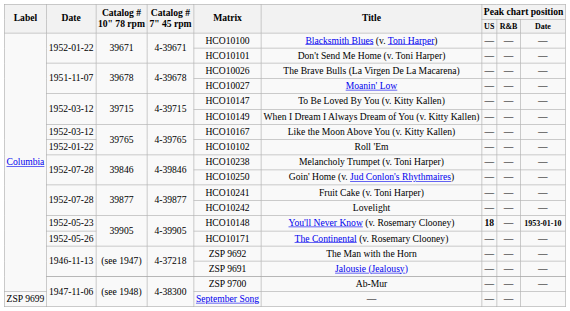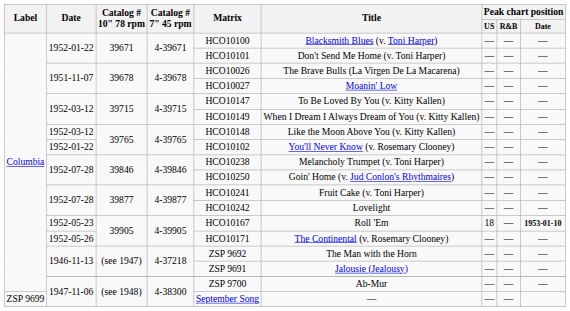 <table class="wikitable sortable" style="text-align:center;">
 <tr>
 <th rowspan="2">Label</th>
 <th rowspan="2">Date</th>
 <th rowspan="2">Catalog #<br>10" 78 rpm</th>
 <th rowspan="2">Catalog #<br>7" 45 rpm</th>
 <th rowspan="2">Matrix</th>
 <th rowspan="2">Title</th>
 <th colspan="4">Peak chart position</th>
 </tr>
 <tr style="font-size:smaller;">
 <th>US</th>
 <th>R&B</th>
 <th>Date</th>
 </tr>
 <tr>
 <td rowspan="18"><a href='#'>Columbia</a></td>
 <td rowspan="2">1952-01-22</td>
 <td rowspan="2">39671</td>
 <td rowspan="2">4-39671</td>
 <td>HCO10100</td>
 <td><a href='#'>Blacksmith Blues</a> (v. <a href='#'>Toni Harper</a>)</td>
 <td>—</td>
 <td>—</td>
 <td>—</td>
 </tr>
 <tr>
 <td>HCO10101</td>
 <td>Don't Send Me Home (v. Toni Harper)</td>
 <td>—</td>
 <td>—</td>
 <td>—</td>
 </tr>
 <tr>
 <td rowspan="2">1951-11-07</td>
 <td rowspan="2">39678</td>
 <td rowspan="2">4-39678</td>
 <td>HCO10026</td>
 <td>The Brave Bulls (La Virgen De La Macarena)</td>
 <td>—</td>
 <td>—</td>
 <td>—</td>
 </tr>
 <tr>
 <td>HCO10027</td>
 <td><a href='#'>Moanin' Low</a></td>
 <td>—</td>
 <td>—</td>
 <td>—</td>
 </tr>
 <tr>
 <td rowspan="2">1952-03-12</td>
 <td rowspan="2">39715</td>
 <td rowspan="2">4-39715</td>
 <td>HCO10147</td>
 <td>To Be Loved By You (v. Kitty Kallen)</td>
 <td>—</td>
 <td>—</td>
 <td>—</td>
 </tr>
 <tr>
 <td>HCO10149</td>
 <td>When I Dream I Always Dream of You (v. Kitty Kallen)</td>
 <td>—</td>
 <td>—</td>
 <td>—</td>
 </tr>
 <tr>
 <td>1952-03-12</td>
 <td rowspan="2">39765</td>
 <td rowspan="2">4-39765</td>
-<td>HCO10167</td>
+<td>HCO10148</td>
 <td>Like the Moon Above You (v. Kitty Kallen)</td>
 <td>—</td>
 <td>—</td>
 <td>—</td>
 </tr>
 <tr>
 <td>1952-01-22</td>
 <td>HCO10102</td>
-<td>Roll 'Em</td>
+<td><a href='#'>You'll Never Know</a> (v. Rosemary Clooney)</td>
 <td>—</td>
 <td>—</td>
 <td>—</td>
 </tr>
 <tr>
 <td rowspan="2">1952-07-28</td>
 <td rowspan="2">39846</td>
 <td rowspan="2">4-39846</td>
 <td>HCO10238</td>
 <td>Melancholy Trumpet (v. Toni Harper)</td>
 <td>—</td>
 <td>—</td>
 <td>—</td>
 </tr>
 <tr>
 <td>HCO10250</td>
 <td>Goin' Home (v. <a href='#'>Jud Conlon's Rhythmaires</a>)</td>
 <td>—</td>
 <td>—</td>
 <td>—</td>
 </tr>
 <tr>
 <td rowspan="2">1952-07-28</td>
 <td rowspan="2">39877</td>
 <td rowspan="2">4-39877</td>
 <td>HCO10241</td>
 <td>Fruit Cake (v. Toni Harper)</td>
 <td>—</td>
 <td>—</td>
 <td>—</td>
 </tr>
 <tr>
 <td>HCO10242</td>
 <td>Lovelight</td>
 <td>—</td>
 <td>—</td>
 <td>—</td>
 </tr>
 <tr>
 <td>1952-05-23</td>
 <td rowspan="2">39905</td>
 <td rowspan="2">4-39905</td>
-<td>HCO10148</td>
-<td><a href='#'>You'll Never Know</a> (v. Rosemary Clooney)</td>
-<td><strong>18</strong></td>
+<td>HCO10167</td>
+<td>Roll 'Em</td>
+<td>18</td>
 <td>—</td>
 <td><strong><small>1953-01-10</small></strong></td>
 </tr>
 <tr>
 <td>1952-05-26</td>
 <td>HCO10171</td>
 <td><a href='#'>The Continental</a> (v. Rosemary Clooney)</td>
 <td>—</td>
 <td>—</td>
 <td>—</td>
 </tr>
 <tr>
 <td rowspan="2">1946-11-13</td>
 <td rowspan="2">(see 1947)</td>
 <td rowspan="2">4-37218</td>
 <td>ZSP 9692</td>
 <td>The Man with the Horn</td>
 <td>—</td>
 <td>—</td>
 <td>—</td>
 </tr>
 <tr>
 <td>ZSP 9691</td>
 <td><a href='#'>Jalousie (Jealousy)</a></td>
 <td>—</td>
 <td>—</td>
 <td>—</td>
 </tr>
 <tr>
 </tr>
 <tr>
 <td rowspan="2">1947-11-06</td>
 <td rowspan="2">(see 1948)</td>
 <td rowspan="2">4-38300</td>
 <td>ZSP 9700</td>
 <td>Ab-Mur</td>
 <td>—</td>
 <td>—</td>
 <td>—</td>
 </tr>
 <tr>
 <td>ZSP 9699</td>
 <td><a href='#'>September Song</a></td>
 <td>—</td>
 <td>—</td>
 <td>—</td>
 </tr>
 </table>
